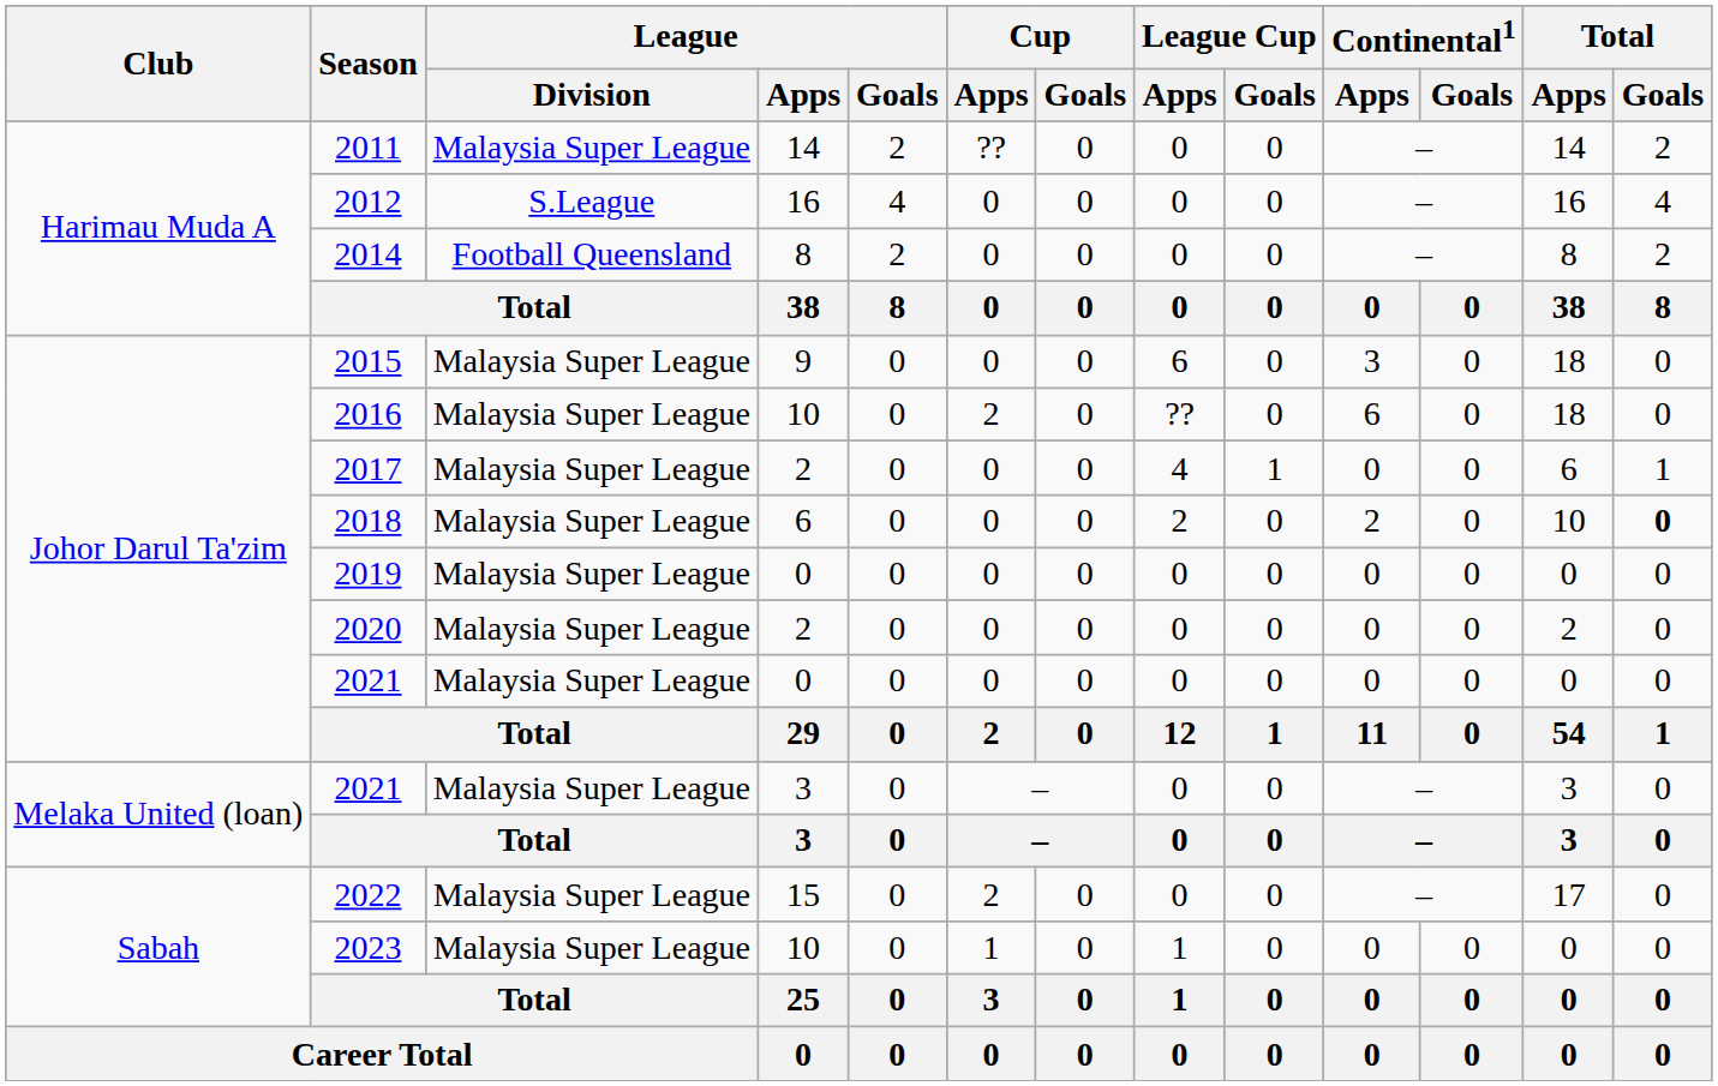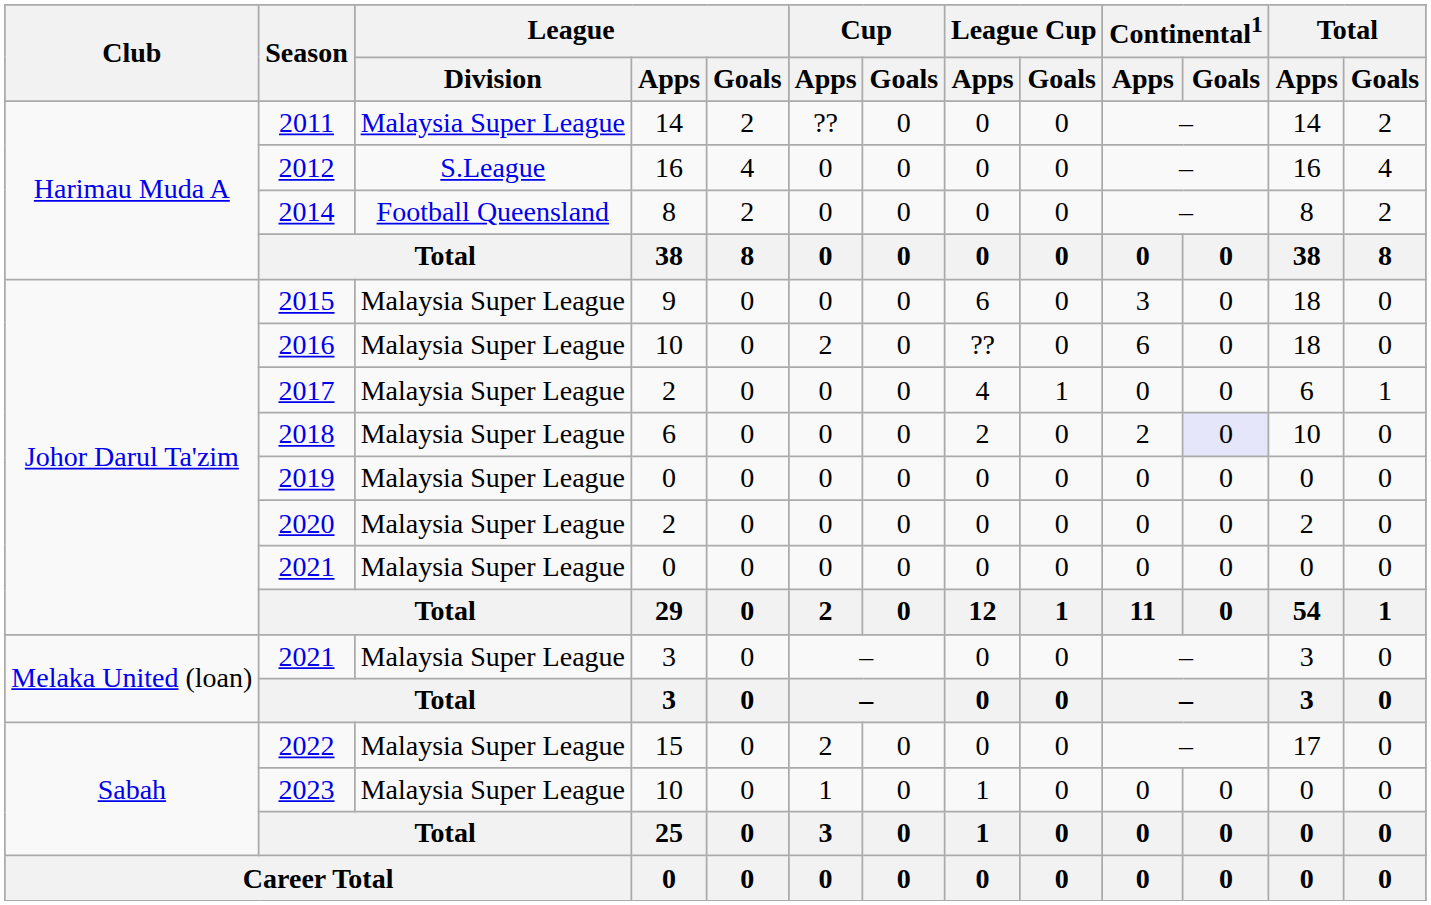 <table class=wikitable style="text-align:center">
 <tr>
 <th rowspan=2>Club</th>
 <th rowspan=2>Season</th>
 <th colspan=3>League</th>
 <th colspan=2>Cup</th>
 <th colspan=2>League Cup</th>
 <th colspan=2>Continental<sup>1</sup></th>
 <th colspan=2>Total</th>
 </tr>
 <tr>
 <th>Division</th>
 <th>Apps</th>
 <th>Goals</th>
 <th>Apps</th>
 <th>Goals</th>
 <th>Apps</th>
 <th>Goals</th>
 <th>Apps</th>
 <th>Goals</th>
 <th>Apps</th>
 <th>Goals</th>
 </tr>
 <tr>
 <td rowspan=4><a href='#'>Harimau Muda A</a></td>
 <td><a href='#'>2011</a></td>
 <td><a href='#'>Malaysia Super League</a></td>
 <td>14</td>
 <td>2</td>
 <td>??</td>
 <td>0</td>
 <td>0</td>
 <td>0</td>
 <td colspan=2>–</td>
 <td>14</td>
 <td>2</td>
 </tr>
 <tr>
 <td><a href='#'>2012</a></td>
 <td><a href='#'>S.League</a></td>
 <td>16</td>
 <td>4</td>
 <td>0</td>
 <td>0</td>
 <td>0</td>
 <td>0</td>
 <td colspan=2>–</td>
 <td>16</td>
 <td>4</td>
 </tr>
 <tr>
 <td><a href='#'>2014</a></td>
 <td><a href='#'>Football Queensland</a></td>
 <td>8</td>
 <td>2</td>
 <td>0</td>
 <td>0</td>
 <td>0</td>
 <td>0</td>
 <td colspan=2>–</td>
 <td>8</td>
 <td>2</td>
 </tr>
 <tr>
 <th colspan="2">Total</th>
 <th>38</th>
 <th>8</th>
 <th>0</th>
 <th>0</th>
 <th>0</th>
 <th>0</th>
 <th>0</th>
 <th>0</th>
 <th>38</th>
 <th>8</th>
 </tr>
 <tr>
 <td rowspan=8><a href='#'>Johor Darul Ta'zim</a></td>
 <td><a href='#'>2015</a></td>
 <td>Malaysia Super League</td>
 <td>9</td>
 <td>0</td>
 <td>0</td>
 <td>0</td>
 <td>6</td>
 <td>0</td>
 <td>3</td>
 <td>0</td>
 <td>18</td>
 <td>0</td>
 </tr>
 <tr>
 <td><a href='#'>2016</a></td>
 <td>Malaysia Super League</td>
 <td>10</td>
 <td>0</td>
 <td>2</td>
 <td>0</td>
 <td>??</td>
 <td>0</td>
 <td>6</td>
 <td>0</td>
 <td>18</td>
 <td>0</td>
 </tr>
 <tr>
 <td><a href='#'>2017</a></td>
 <td>Malaysia Super League</td>
 <td>2</td>
 <td>0</td>
 <td>0</td>
 <td>0</td>
 <td>4</td>
 <td>1</td>
 <td>0</td>
 <td>0</td>
 <td>6</td>
 <td>1</td>
 </tr>
 <tr>
 <td><a href='#'>2018</a></td>
 <td>Malaysia Super League</td>
 <td>6</td>
 <td>0</td>
 <td>0</td>
 <td>0</td>
 <td>2</td>
 <td>0</td>
 <td>2</td>
+<td style="background: lavender;">0</td>
+<td>10</td>
 <td>0</td>
-<td>10</td>
-<td><strong>0</strong></td>
 </tr>
 <tr>
 <td><a href='#'>2019</a></td>
 <td>Malaysia Super League</td>
 <td>0</td>
 <td>0</td>
 <td>0</td>
 <td>0</td>
 <td>0</td>
 <td>0</td>
 <td>0</td>
 <td>0</td>
 <td>0</td>
 <td>0</td>
 </tr>
 <tr>
 <td><a href='#'>2020</a></td>
 <td>Malaysia Super League</td>
 <td>2</td>
 <td>0</td>
 <td>0</td>
 <td>0</td>
 <td>0</td>
 <td>0</td>
 <td>0</td>
 <td>0</td>
 <td>2</td>
 <td>0</td>
 </tr>
 <tr>
 <td><a href='#'>2021</a></td>
 <td>Malaysia Super League</td>
 <td>0</td>
 <td>0</td>
 <td>0</td>
 <td>0</td>
 <td>0</td>
 <td>0</td>
 <td>0</td>
 <td>0</td>
 <td>0</td>
 <td>0</td>
 </tr>
 <tr>
 <th colspan="2">Total</th>
 <th>29</th>
 <th>0</th>
 <th>2</th>
 <th>0</th>
 <th>12</th>
 <th>1</th>
 <th>11</th>
 <th>0</th>
 <th>54</th>
 <th>1</th>
 </tr>
 <tr>
 <td rowspan=2><a href='#'>Melaka United</a> (loan)</td>
 <td><a href='#'>2021</a></td>
 <td>Malaysia Super League</td>
 <td>3</td>
 <td>0</td>
 <td colspan=2>–</td>
 <td>0</td>
 <td>0</td>
 <td colspan=2>–</td>
 <td>3</td>
 <td>0</td>
 </tr>
 <tr>
 <th colspan="2">Total</th>
 <th>3</th>
 <th>0</th>
 <th colspan=2>–</th>
 <th>0</th>
 <th>0</th>
 <th colspan=2>–</th>
 <th>3</th>
 <th>0</th>
 </tr>
 <tr>
 <td rowspan=3><a href='#'>Sabah</a></td>
 <td><a href='#'>2022</a></td>
 <td>Malaysia Super League</td>
 <td>15</td>
 <td>0</td>
 <td>2</td>
 <td>0</td>
 <td>0</td>
 <td>0</td>
 <td colspan=2>–</td>
 <td>17</td>
 <td>0</td>
 </tr>
 <tr>
 <td><a href='#'>2023</a></td>
 <td>Malaysia Super League</td>
 <td>10</td>
 <td>0</td>
 <td>1</td>
 <td>0</td>
 <td>1</td>
 <td>0</td>
 <td>0</td>
 <td>0</td>
 <td>0</td>
 <td>0</td>
 </tr>
 <tr>
 <th colspan="2">Total</th>
 <th>25</th>
 <th>0</th>
 <th>3</th>
 <th>0</th>
 <th>1</th>
 <th>0</th>
 <th>0</th>
 <th>0</th>
 <th>0</th>
 <th>0</th>
 </tr>
 <tr>
 <th colspan="3">Career Total</th>
 <th>0</th>
 <th>0</th>
 <th>0</th>
 <th>0</th>
 <th>0</th>
 <th>0</th>
 <th>0</th>
 <th>0</th>
 <th>0</th>
 <th>0</th>
 </tr>
 </table>
